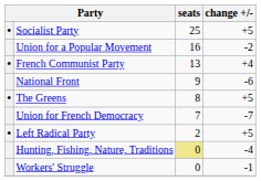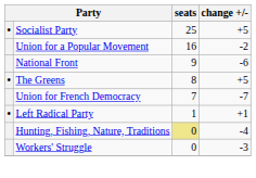 <table class="wikitable">
 <tr>
 <th colspan=2>Party</th>
 <th>seats</th>
 <th>change +/-</th>
 </tr>
 <tr>
 <th style="background-color: "><span>•</span></th>
 <td><a href='#'>Socialist Party</a></td>
 <td align="right">25</td>
 <td align="right">+5</td>
 </tr>
 <tr>
 <th style="background-color: "></th>
 <td><a href='#'>Union for a Popular Movement</a></td>
 <td align="right">16</td>
 <td align="right">-2</td>
-</tr>
-<tr>
-<th style="background-color: "><span>•</span></th>
-<td><a href='#'>French Communist Party</a></td>
-<td align="right">13</td>
-<td align="right">+4</td>
 </tr>
 <tr>
 <th style="background-color: "></th>
 <td><a href='#'>National Front</a></td>
 <td align="right">9</td>
 <td align="right">-6</td>
 </tr>
 <tr>
 <th style="background-color: "><span>•</span></th>
 <td><a href='#'>The Greens</a></td>
 <td align="right">8</td>
 <td align="right">+5</td>
 </tr>
 <tr>
 <th style="background-color: "></th>
 <td><a href='#'>Union for French Democracy</a></td>
 <td align="right">7</td>
 <td align="right">-7</td>
 </tr>
 <tr>
 <th style="background-color: "><span>•</span></th>
 <td><a href='#'>Left Radical Party</a></td>
-<td align="right">2</td>
-<td align="right">+5</td>
+<td align="right">1</td>
+<td align="right">+1</td>
 </tr>
 <tr>
 <th style="background-color: "></th>
 <td><a href='#'>Hunting, Fishing, Nature, Traditions</a></td>
 <td align="right" style="background: khaki;">0</td>
 <td align="right">-4</td>
 </tr>
 <tr>
 <th style="background-color: "></th>
 <td><a href='#'>Workers' Struggle</a></td>
 <td align="right">0</td>
-<td align="right">-1</td>
+<td align="right">-3</td>
 </tr>
 <tr>
 </tr>
 </table>
